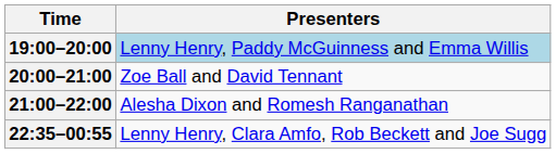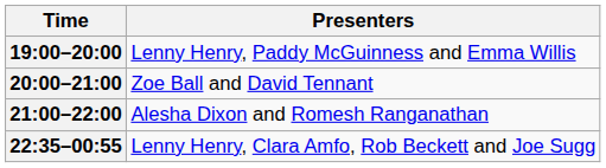 <table class="wikitable">
 <tr>
 <th>Time</th>
 <th>Presenters</th>
 </tr>
 <tr>
 <th>19:00–20:00</th>
-<td style="background: lightblue;"><a href='#'>Lenny Henry</a>, <a href='#'>Paddy McGuinness</a> and <a href='#'>Emma Willis</a></td>
+<td><a href='#'>Lenny Henry</a>, <a href='#'>Paddy McGuinness</a> and <a href='#'>Emma Willis</a></td>
 </tr>
 <tr>
 <th>20:00–21:00</th>
 <td><a href='#'>Zoe Ball</a> and  <a href='#'>David Tennant</a></td>
 </tr>
 <tr>
 <th>21:00–22:00</th>
 <td><a href='#'>Alesha Dixon</a> and <a href='#'>Romesh Ranganathan</a></td>
 </tr>
 <tr>
 <th>22:35–00:55</th>
 <td><a href='#'>Lenny Henry</a>, <a href='#'>Clara Amfo</a>, <a href='#'>Rob Beckett</a> and <a href='#'>Joe Sugg</a></td>
 </tr>
 </table>
